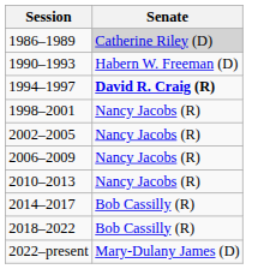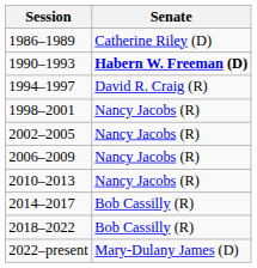 <table class="wikitable">
 <tr>
 <th>Session</th>
 <th>Senate</th>
 </tr>
 <tr>
 <td>1986–1989</td>
-<td style="background: lightgrey;"><a href='#'>Catherine Riley</a> (D)</td>
+<td><a href='#'>Catherine Riley</a> (D)</td>
 </tr>
 <tr>
 <td>1990–1993</td>
-<td><a href='#'>Habern W. Freeman</a> (D)</td>
+<td><strong><a href='#'>Habern W. Freeman</a> (D)</strong></td>
 </tr>
 <tr>
 <td>1994–1997</td>
-<td><strong><a href='#'>David R. Craig</a> (R)</strong></td>
+<td><a href='#'>David R. Craig</a> (R)</td>
 </tr>
 <tr>
 <td>1998–2001</td>
 <td><a href='#'>Nancy Jacobs</a> (R)</td>
 </tr>
 <tr>
 <td>2002–2005</td>
 <td><a href='#'>Nancy Jacobs</a> (R)</td>
 </tr>
 <tr>
 <td>2006–2009</td>
 <td><a href='#'>Nancy Jacobs</a> (R)</td>
 </tr>
 <tr>
 <td>2010–2013</td>
 <td><a href='#'>Nancy Jacobs</a> (R)</td>
 </tr>
 <tr>
 <td>2014–2017</td>
 <td><a href='#'>Bob Cassilly</a> (R)</td>
 </tr>
 <tr>
 <td>2018–2022</td>
 <td><a href='#'>Bob Cassilly</a> (R)</td>
 </tr>
 <tr>
 <td>2022–present</td>
 <td><a href='#'>Mary-Dulany James</a> (D)</td>
 </tr>
 </table>
